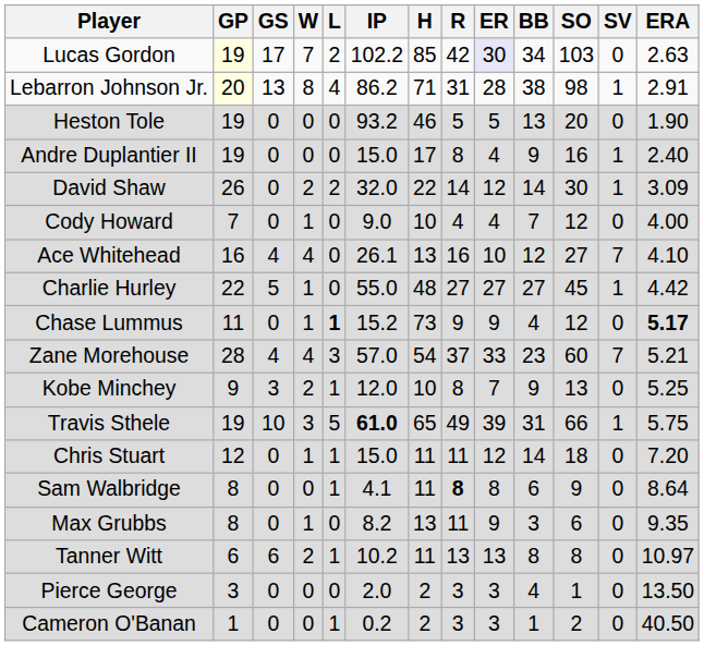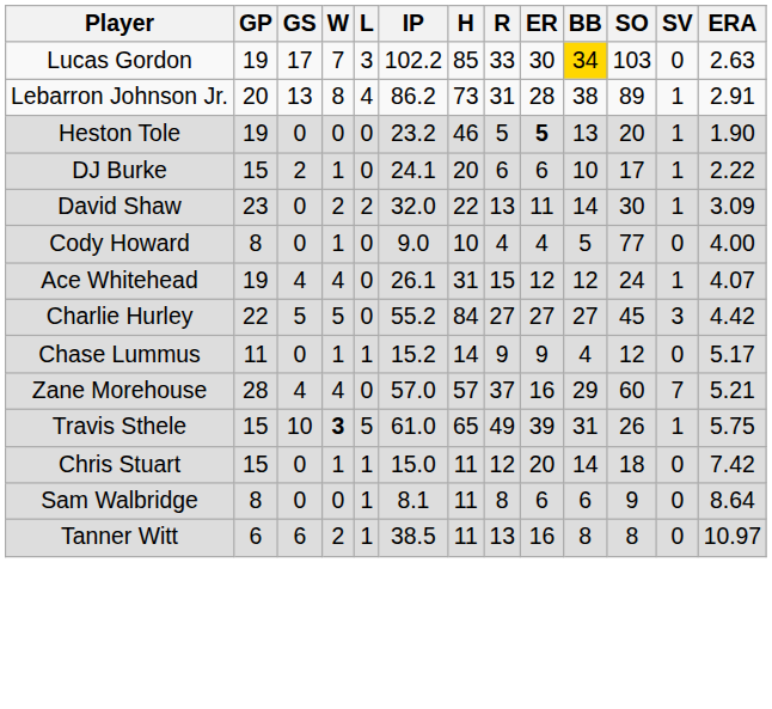 <table class="wikitable sortable">
 <tr>
 <th>Player</th>
 <th>GP</th>
 <th>GS</th>
 <th>W</th>
 <th>L</th>
 <th>IP</th>
 <th>H</th>
 <th>R</th>
 <th>ER</th>
 <th>BB</th>
 <th>SO</th>
 <th>SV</th>
 <th>ERA</th>
 </tr>
 <tr style="text-align:center;">
 <td>Lucas Gordon</td>
-<td style="background: lightyellow;">19</td>
+<td>19</td>
 <td>17</td>
 <td>7</td>
-<td>2</td>
+<td>3</td>
 <td>102.2</td>
 <td>85</td>
-<td>42</td>
-<td style="background: lavender;">30</td>
-<td>34</td>
+<td>33</td>
+<td>30</td>
+<td style="background: gold;">34</td>
 <td>103</td>
 <td>0</td>
 <td>2.63</td>
 </tr>
 <tr style="text-align:center;">
 <td>Lebarron Johnson Jr.</td>
-<td style="background: lightyellow;">20</td>
+<td>20</td>
 <td>13</td>
 <td>8</td>
 <td>4</td>
 <td>86.2</td>
-<td>71</td>
+<td>73</td>
 <td>31</td>
 <td>28</td>
 <td>38</td>
-<td>98</td>
+<td>89</td>
 <td>1</td>
 <td>2.91</td>
 </tr>
 <tr style="background:#dddddd; text-align:center;">
 <td>Heston Tole</td>
 <td>19</td>
 <td>0</td>
 <td>0</td>
 <td>0</td>
-<td>93.2</td>
+<td>23.2</td>
 <td>46</td>
 <td>5</td>
-<td>5</td>
+<td><strong>5</strong></td>
 <td>13</td>
 <td>20</td>
-<td>0</td>
+<td>1</td>
 <td>1.90</td>
 </tr>
 <tr style="background:#dddddd; text-align:center;">
-<td>Andre Duplantier II</td>
-<td>19</td>
+<td>DJ Burke</td>
+<td>15</td>
+<td>2</td>
+<td>1</td>
 <td>0</td>
-<td>0</td>
-<td>0</td>
-<td>15.0</td>
+<td>24.1</td>
+<td>20</td>
+<td>6</td>
+<td>6</td>
+<td>10</td>
 <td>17</td>
-<td>8</td>
-<td>4</td>
-<td>9</td>
-<td>16</td>
 <td>1</td>
-<td>2.40</td>
+<td>2.22</td>
 </tr>
 <tr style="background:#dddddd; text-align:center;">
 <td>David Shaw</td>
-<td>26</td>
+<td>23</td>
 <td>0</td>
 <td>2</td>
 <td>2</td>
 <td>32.0</td>
 <td>22</td>
-<td>14</td>
-<td>12</td>
+<td>13</td>
+<td>11</td>
 <td>14</td>
 <td>30</td>
 <td>1</td>
 <td>3.09</td>
 </tr>
 <tr style="background:#dddddd; text-align:center;">
 <td>Cody Howard</td>
-<td>7</td>
+<td>8</td>
 <td>0</td>
 <td>1</td>
 <td>0</td>
 <td>9.0</td>
 <td>10</td>
 <td>4</td>
 <td>4</td>
-<td>7</td>
-<td>12</td>
+<td>5</td>
+<td>77</td>
 <td>0</td>
 <td>4.00</td>
 </tr>
 <tr style="background:#dddddd; text-align:center;">
 <td>Ace Whitehead</td>
-<td>16</td>
+<td>19</td>
 <td>4</td>
 <td>4</td>
 <td>0</td>
 <td>26.1</td>
-<td>13</td>
-<td>16</td>
-<td>10</td>
+<td>31</td>
+<td>15</td>
 <td>12</td>
-<td>27</td>
-<td>7</td>
-<td>4.10</td>
+<td>12</td>
+<td>24</td>
+<td>1</td>
+<td>4.07</td>
 </tr>
 <tr style="background:#dddddd; text-align:center;">
 <td>Charlie Hurley</td>
 <td>22</td>
 <td>5</td>
-<td>1</td>
+<td>5</td>
 <td>0</td>
-<td>55.0</td>
-<td>48</td>
+<td>55.2</td>
+<td>84</td>
 <td>27</td>
 <td>27</td>
 <td>27</td>
 <td>45</td>
-<td>1</td>
+<td>3</td>
 <td>4.42</td>
 </tr>
 <tr style="background:#dddddd; text-align:center;">
 <td>Chase Lummus</td>
 <td>11</td>
 <td>0</td>
 <td>1</td>
-<td><strong>1</strong></td>
+<td>1</td>
 <td>15.2</td>
-<td>73</td>
+<td>14</td>
 <td>9</td>
 <td>9</td>
 <td>4</td>
 <td>12</td>
 <td>0</td>
-<td><strong>5.17</strong></td>
+<td>5.17</td>
 </tr>
 <tr style="background:#dddddd; text-align:center;">
 <td>Zane Morehouse</td>
 <td>28</td>
 <td>4</td>
 <td>4</td>
-<td>3</td>
+<td>0</td>
 <td>57.0</td>
-<td>54</td>
+<td>57</td>
 <td>37</td>
-<td>33</td>
-<td>23</td>
+<td>16</td>
+<td>29</td>
 <td>60</td>
 <td>7</td>
 <td>5.21</td>
 </tr>
 <tr style="background:#dddddd; text-align:center;">
-<td>Kobe Minchey</td>
-<td>9</td>
-<td>3</td>
-<td>2</td>
-<td>1</td>
-<td>12.0</td>
+<td>Travis Sthele</td>
+<td>15</td>
 <td>10</td>
-<td>8</td>
-<td>7</td>
-<td>9</td>
-<td>13</td>
-<td>0</td>
-<td>5.25</td>
-</tr>
-<tr style="background:#dddddd; text-align:center;">
-<td>Travis Sthele</td>
-<td>19</td>
-<td>10</td>
-<td>3</td>
+<td><strong>3</strong></td>
 <td>5</td>
-<td><strong>61.0</strong></td>
+<td>61.0</td>
 <td>65</td>
 <td>49</td>
 <td>39</td>
 <td>31</td>
-<td>66</td>
+<td>26</td>
 <td>1</td>
 <td>5.75</td>
 </tr>
 <tr style="background:#dddddd; text-align:center;">
 <td>Chris Stuart</td>
-<td>12</td>
+<td>15</td>
 <td>0</td>
 <td>1</td>
 <td>1</td>
 <td>15.0</td>
 <td>11</td>
-<td>11</td>
 <td>12</td>
+<td>20</td>
 <td>14</td>
 <td>18</td>
 <td>0</td>
-<td>7.20</td>
+<td>7.42</td>
 </tr>
 <tr style="background:#dddddd; text-align:center;">
 <td>Sam Walbridge</td>
 <td>8</td>
 <td>0</td>
 <td>0</td>
 <td>1</td>
-<td>4.1</td>
+<td>8.1</td>
 <td>11</td>
-<td><strong>8</strong></td>
 <td>8</td>
+<td>6</td>
 <td>6</td>
 <td>9</td>
 <td>0</td>
 <td>8.64</td>
-</tr>
-<tr style="background:#dddddd; text-align:center;">
-<td>Max Grubbs</td>
-<td>8</td>
-<td>0</td>
-<td>1</td>
-<td>0</td>
-<td>8.2</td>
-<td>13</td>
-<td>11</td>
-<td>9</td>
-<td>3</td>
-<td>6</td>
-<td>0</td>
-<td>9.35</td>
 </tr>
 <tr style="background:#dddddd; text-align:center;">
 <td>Tanner Witt</td>
 <td>6</td>
 <td>6</td>
 <td>2</td>
 <td>1</td>
-<td>10.2</td>
+<td>38.5</td>
 <td>11</td>
 <td>13</td>
-<td>13</td>
+<td>16</td>
 <td>8</td>
 <td>8</td>
 <td>0</td>
 <td>10.97</td>
 </tr>
-<tr style="background:#dddddd; text-align:center;">
-<td>Pierce George</td>
-<td>3</td>
-<td>0</td>
-<td>0</td>
-<td>0</td>
-<td>2.0</td>
-<td>2</td>
-<td>3</td>
-<td>3</td>
-<td>4</td>
-<td>1</td>
-<td>0</td>
-<td>13.50</td>
-</tr>
-<tr style="background:#dddddd; text-align:center;">
-<td>Cameron O'Banan</td>
-<td>1</td>
-<td>0</td>
-<td>0</td>
-<td>1</td>
-<td>0.2</td>
-<td>2</td>
-<td>3</td>
-<td>3</td>
-<td>1</td>
-<td>2</td>
-<td>0</td>
-<td>40.50</td>
-</tr>
 </table>
